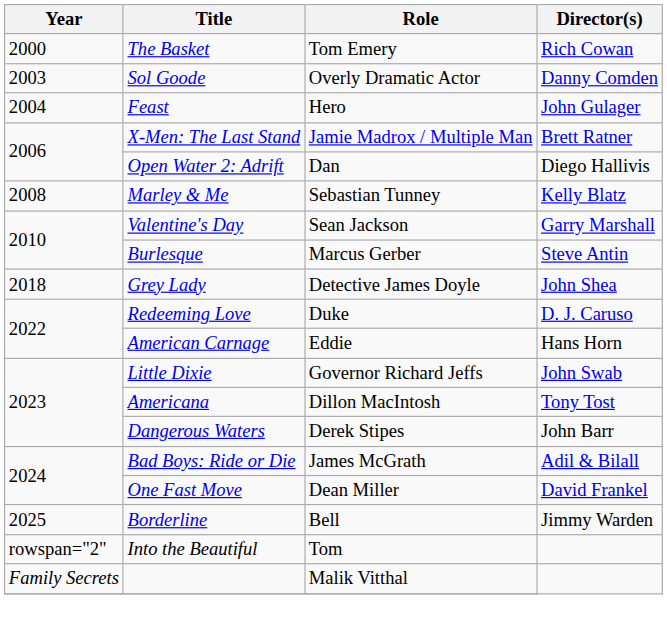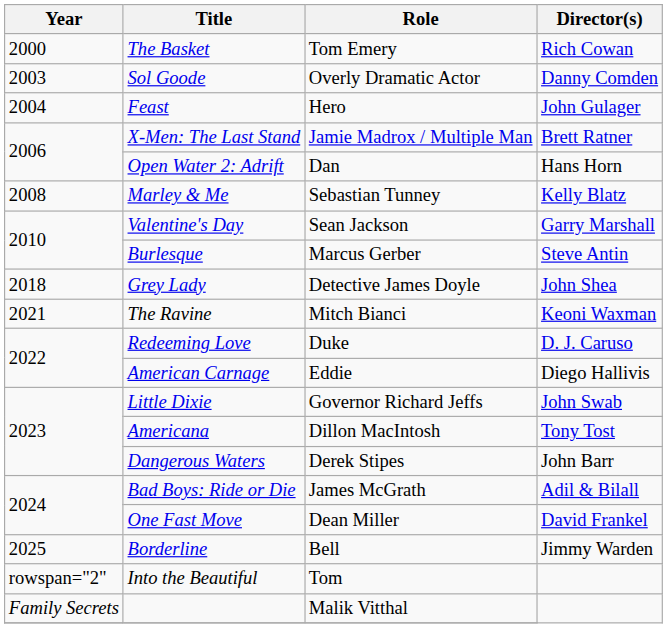 <table class="wikitable sortable">
 <tr>
 <th>Year</th>
 <th>Title</th>
 <th>Role</th>
 <th>Director(s)</th>
 </tr>
 <tr>
 <td>2000</td>
 <td><em><a href='#'>The Basket</a></em></td>
 <td>Tom Emery</td>
 <td><a href='#'>Rich Cowan</a></td>
 </tr>
 <tr>
 <td>2003</td>
 <td><em><a href='#'>Sol Goode</a></em></td>
 <td>Overly Dramatic Actor</td>
 <td><a href='#'>Danny Comden</a></td>
 </tr>
 <tr>
 <td>2004</td>
 <td><em><a href='#'>Feast</a></em></td>
 <td>Hero</td>
 <td><a href='#'>John Gulager</a></td>
 </tr>
 <tr>
 <td rowspan=2>2006</td>
 <td><em><a href='#'>X-Men: The Last Stand</a></em></td>
 <td><a href='#'>Jamie Madrox / Multiple Man</a></td>
 <td><a href='#'>Brett Ratner</a></td>
 </tr>
 <tr>
 <td><em><a href='#'>Open Water 2: Adrift</a></em></td>
 <td>Dan</td>
-<td>Diego Hallivis</td>
+<td>Hans Horn</td>
 </tr>
 <tr>
 <td>2008</td>
 <td><em><a href='#'>Marley & Me</a></em></td>
 <td>Sebastian Tunney</td>
 <td><a href='#'>Kelly Blatz</a></td>
 </tr>
 <tr>
 <td rowspan=2>2010</td>
 <td><em><a href='#'>Valentine's Day</a></em></td>
 <td>Sean Jackson</td>
 <td><a href='#'>Garry Marshall</a></td>
 </tr>
 <tr>
 <td><em><a href='#'>Burlesque</a></em></td>
 <td>Marcus Gerber</td>
 <td><a href='#'>Steve Antin</a></td>
 </tr>
 <tr>
 <td>2018</td>
 <td><em><a href='#'>Grey Lady</a></em></td>
 <td>Detective James Doyle</td>
 <td><a href='#'>John Shea</a></td>
 </tr>
 <tr>
+<td>2021</td>
+<td><em>The Ravine</em></td>
+<td>Mitch Bianci</td>
+<td><a href='#'>Keoni Waxman</a></td>
+</tr>
+<tr>
 <td rowspan="2">2022</td>
 <td><em><a href='#'>Redeeming Love</a></em></td>
 <td>Duke</td>
 <td><a href='#'>D. J. Caruso</a></td>
 </tr>
 <tr>
 <td><em><a href='#'>American Carnage</a></em></td>
 <td>Eddie</td>
-<td>Hans Horn</td>
+<td>Diego Hallivis</td>
 </tr>
 <tr>
 <td rowspan="3">2023</td>
 <td><em><a href='#'>Little Dixie</a></em></td>
 <td>Governor Richard Jeffs</td>
 <td><a href='#'>John Swab</a></td>
 </tr>
 <tr>
 <td><em><a href='#'>Americana</a></em></td>
 <td>Dillon MacIntosh</td>
 <td><a href='#'>Tony Tost</a></td>
 </tr>
 <tr>
 <td><em><a href='#'>Dangerous Waters</a></em></td>
 <td>Derek Stipes</td>
 <td>John Barr</td>
 </tr>
 <tr>
 <td rowspan=2>2024</td>
 <td><em><a href='#'>Bad Boys: Ride or Die</a></em></td>
 <td>James McGrath</td>
 <td><a href='#'>Adil & Bilall</a></td>
 </tr>
 <tr>
 <td><em><a href='#'>One Fast Move</a></em></td>
 <td>Dean Miller</td>
 <td><a href='#'>David Frankel</a></td>
 </tr>
 <tr>
 <td>2025</td>
 <td><em><a href='#'>Borderline</a></em></td>
 <td>Bell</td>
 <td>Jimmy Warden</td>
 </tr>
 <tr>
 <td>rowspan="2" </td>
 <td><em>Into the Beautiful</em></td>
 <td>Tom</td>
 <td></td>
 </tr>
 <tr>
 <td><em>Family Secrets</em></td>
 <td></td>
 <td>Malik Vitthal</td>
 </tr>
 <tr>
 </tr>
 </table>
